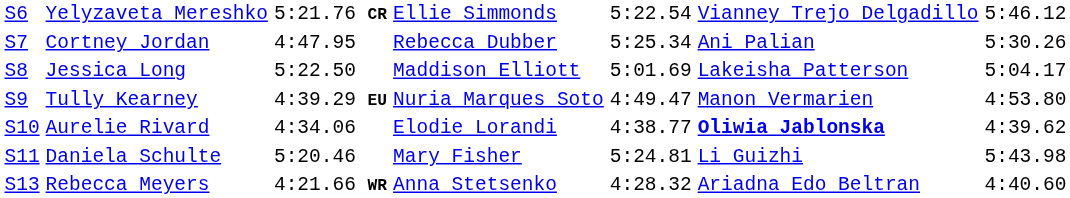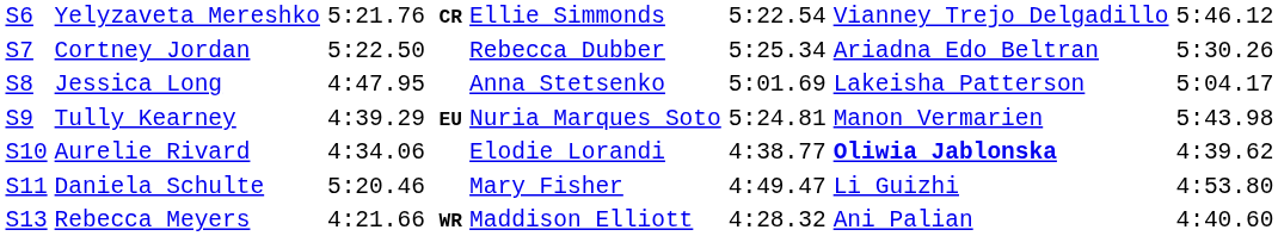 <table>
 <tr>
 <td><a href='#'>S6</a></td>
 <td><a href='#'>Yelyzaveta Mereshko</a><br></td>
 <td>5:21.76 <small><strong>CR</strong></small></td>
 <td><a href='#'>Ellie Simmonds</a><br></td>
 <td>5:22.54</td>
 <td><a href='#'>Vianney Trejo Delgadillo</a><br></td>
 <td>5:46.12</td>
 </tr>
 <tr>
 <td><a href='#'>S7</a></td>
 <td><a href='#'>Cortney Jordan</a><br></td>
-<td>4:47.95</td>
+<td>5:22.50</td>
 <td><a href='#'>Rebecca Dubber</a><br></td>
 <td>5:25.34</td>
-<td><a href='#'>Ani Palian</a><br></td>
+<td><a href='#'>Ariadna Edo Beltran</a><br></td>
 <td>5:30.26</td>
 </tr>
 <tr>
 <td><a href='#'>S8</a></td>
 <td><a href='#'>Jessica Long</a><br></td>
-<td>5:22.50</td>
-<td><a href='#'>Maddison Elliott</a><br></td>
+<td>4:47.95</td>
+<td><a href='#'>Anna Stetsenko</a><br></td>
 <td>5:01.69</td>
 <td><a href='#'>Lakeisha Patterson</a><br></td>
 <td>5:04.17</td>
 </tr>
 <tr>
 <td><a href='#'>S9</a></td>
 <td><a href='#'>Tully Kearney</a><br></td>
 <td>4:39.29 <small><strong>EU</strong></small></td>
 <td><a href='#'>Nuria Marques Soto</a><br></td>
-<td>4:49.47</td>
+<td>5:24.81</td>
 <td><a href='#'>Manon Vermarien</a><br></td>
-<td>4:53.80</td>
+<td>5:43.98</td>
 </tr>
 <tr>
 <td><a href='#'>S10</a></td>
 <td><a href='#'>Aurelie Rivard</a><br></td>
 <td>4:34.06</td>
 <td><a href='#'>Elodie Lorandi</a><br></td>
 <td>4:38.77</td>
 <td><strong><a href='#'>Oliwia Jablonska</a><br></strong></td>
 <td>4:39.62</td>
 </tr>
 <tr>
 <td><a href='#'>S11</a></td>
 <td><a href='#'>Daniela Schulte</a><br></td>
 <td>5:20.46</td>
 <td><a href='#'>Mary Fisher</a><br></td>
-<td>5:24.81</td>
+<td>4:49.47</td>
 <td><a href='#'>Li Guizhi</a><br></td>
-<td>5:43.98</td>
+<td>4:53.80</td>
 </tr>
 <tr>
 <td><a href='#'>S13</a></td>
 <td><a href='#'>Rebecca Meyers</a><br></td>
 <td>4:21.66 <small><strong>WR</strong></small></td>
-<td><a href='#'>Anna Stetsenko</a><br></td>
+<td><a href='#'>Maddison Elliott</a><br></td>
 <td>4:28.32</td>
-<td><a href='#'>Ariadna Edo Beltran</a><br></td>
+<td><a href='#'>Ani Palian</a><br></td>
 <td>4:40.60</td>
 </tr>
 </table>
